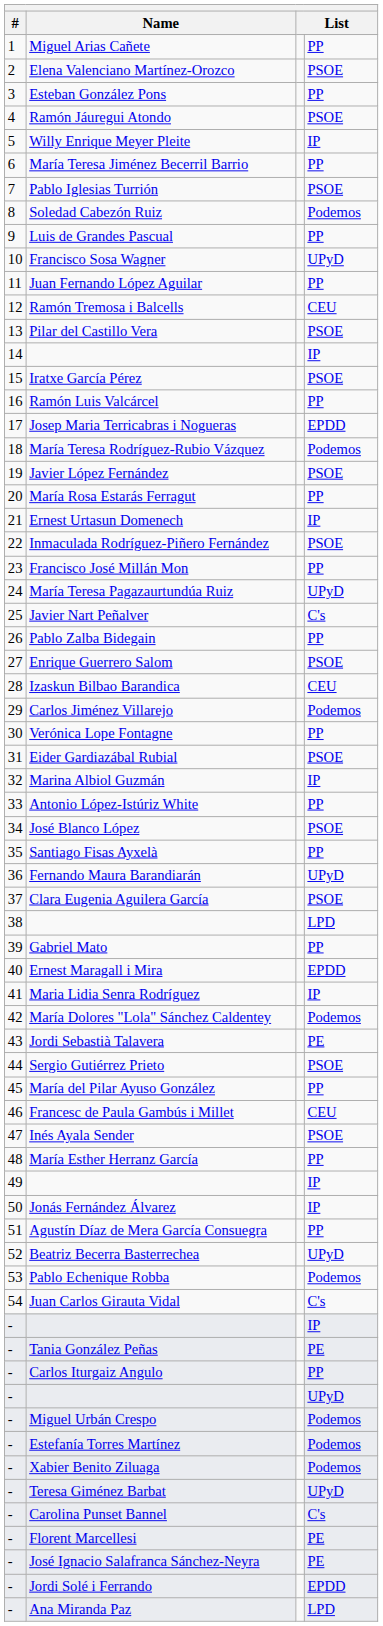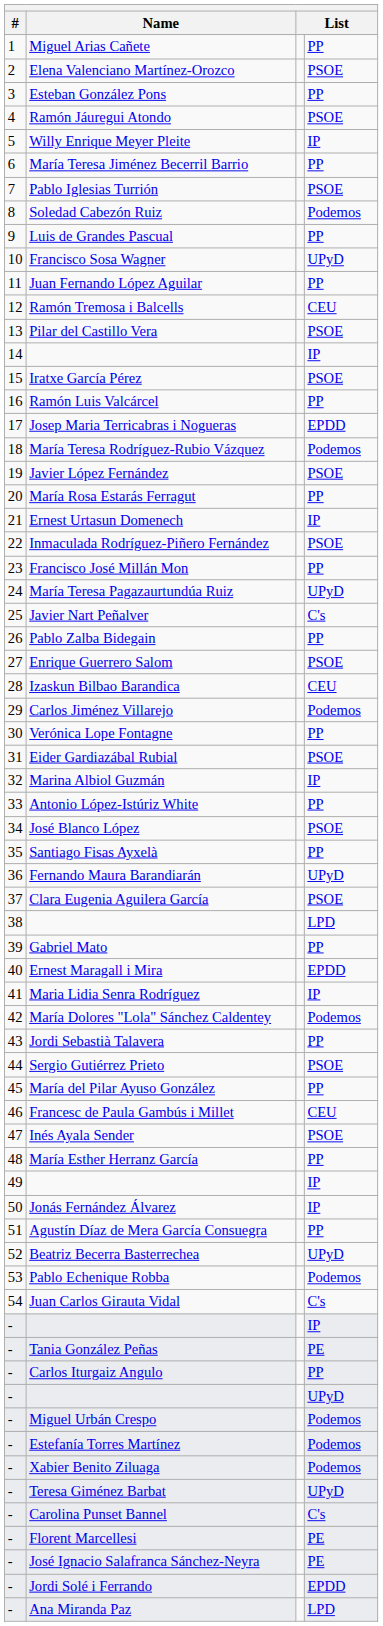 <table class="wikitable sortable collapsible" style="font-size:97%;">
 <tr>
 <th colspan="4"></th>
 </tr>
 <tr>
 <th width="10px">#</th>
 <th width="280px">Name</th>
 <th colspan="2" width="80px">List</th>
 </tr>
 <tr>
 <td>1</td>
 <td><a href='#'>Miguel Arias Cañete</a></td>
 <td></td>
 <td><a href='#'>PP</a></td>
 </tr>
 <tr>
 <td>2</td>
 <td><a href='#'>Elena Valenciano Martínez-Orozco</a></td>
 <td></td>
 <td><a href='#'>PSOE</a></td>
 </tr>
 <tr>
 <td>3</td>
 <td><a href='#'>Esteban González Pons</a></td>
 <td></td>
 <td><a href='#'>PP</a></td>
 </tr>
 <tr>
 <td>4</td>
 <td><a href='#'>Ramón Jáuregui Atondo</a></td>
 <td></td>
 <td><a href='#'>PSOE</a></td>
 </tr>
 <tr>
 <td>5</td>
 <td><a href='#'>Willy Enrique Meyer Pleite</a></td>
 <td></td>
 <td><a href='#'>IP</a></td>
 </tr>
 <tr>
 <td>6</td>
 <td><a href='#'>María Teresa Jiménez Becerril Barrio</a></td>
 <td></td>
 <td><a href='#'>PP</a></td>
 </tr>
 <tr>
 <td>7</td>
 <td><a href='#'>Pablo Iglesias Turrión</a></td>
 <td></td>
 <td><a href='#'>PSOE</a></td>
 </tr>
 <tr>
 <td>8</td>
 <td><a href='#'>Soledad Cabezón Ruiz</a></td>
 <td></td>
 <td><a href='#'>Podemos</a></td>
 </tr>
 <tr>
 <td>9</td>
 <td><a href='#'>Luis de Grandes Pascual</a></td>
 <td></td>
 <td><a href='#'>PP</a></td>
 </tr>
 <tr>
 <td>10</td>
 <td><a href='#'>Francisco Sosa Wagner</a></td>
 <td></td>
 <td><a href='#'>UPyD</a></td>
 </tr>
 <tr>
 <td>11</td>
 <td><a href='#'>Juan Fernando López Aguilar</a></td>
 <td></td>
 <td><a href='#'>PP</a></td>
 </tr>
 <tr>
 <td>12</td>
 <td><a href='#'>Ramón Tremosa i Balcells</a></td>
 <td></td>
 <td><a href='#'>CEU</a></td>
 </tr>
 <tr>
 <td>13</td>
 <td><a href='#'>Pilar del Castillo Vera</a></td>
 <td></td>
 <td><a href='#'>PSOE</a></td>
 </tr>
 <tr>
 <td>14</td>
 <td></td>
 <td></td>
 <td><a href='#'>IP</a></td>
 </tr>
 <tr>
 <td>15</td>
 <td><a href='#'>Iratxe García Pérez</a></td>
 <td></td>
 <td><a href='#'>PSOE</a></td>
 </tr>
 <tr>
 <td>16</td>
 <td><a href='#'>Ramón Luis Valcárcel</a></td>
 <td></td>
 <td><a href='#'>PP</a></td>
 </tr>
 <tr>
 <td>17</td>
 <td><a href='#'>Josep Maria Terricabras i Nogueras</a></td>
 <td></td>
 <td><a href='#'>EPDD</a></td>
 </tr>
 <tr>
 <td>18</td>
 <td><a href='#'>María Teresa Rodríguez-Rubio Vázquez</a></td>
 <td></td>
 <td><a href='#'>Podemos</a></td>
 </tr>
 <tr>
 <td>19</td>
 <td><a href='#'>Javier López Fernández</a></td>
 <td></td>
 <td><a href='#'>PSOE</a></td>
 </tr>
 <tr>
 <td>20</td>
 <td><a href='#'>María Rosa Estarás Ferragut</a></td>
 <td></td>
 <td><a href='#'>PP</a></td>
 </tr>
 <tr>
 <td>21</td>
 <td><a href='#'>Ernest Urtasun Domenech</a></td>
 <td></td>
 <td><a href='#'>IP</a></td>
 </tr>
 <tr>
 <td>22</td>
 <td><a href='#'>Inmaculada Rodríguez-Piñero Fernández</a></td>
 <td></td>
 <td><a href='#'>PSOE</a></td>
 </tr>
 <tr>
 <td>23</td>
 <td><a href='#'>Francisco José Millán Mon</a></td>
 <td></td>
 <td><a href='#'>PP</a></td>
 </tr>
 <tr>
 <td>24</td>
 <td><a href='#'>María Teresa Pagazaurtundúa Ruiz</a></td>
 <td></td>
 <td><a href='#'>UPyD</a></td>
 </tr>
 <tr>
 <td>25</td>
 <td><a href='#'>Javier Nart Peñalver</a></td>
 <td></td>
 <td><a href='#'>C's</a></td>
 </tr>
 <tr>
 <td>26</td>
 <td><a href='#'>Pablo Zalba Bidegain</a></td>
 <td></td>
 <td><a href='#'>PP</a></td>
 </tr>
 <tr>
 <td>27</td>
 <td><a href='#'>Enrique Guerrero Salom</a></td>
 <td></td>
 <td><a href='#'>PSOE</a></td>
 </tr>
 <tr>
 <td>28</td>
 <td><a href='#'>Izaskun Bilbao Barandica</a></td>
 <td></td>
 <td><a href='#'>CEU</a></td>
 </tr>
 <tr>
 <td>29</td>
 <td><a href='#'>Carlos Jiménez Villarejo</a></td>
 <td></td>
 <td><a href='#'>Podemos</a></td>
 </tr>
 <tr>
 <td>30</td>
 <td><a href='#'>Verónica Lope Fontagne</a></td>
 <td></td>
 <td><a href='#'>PP</a></td>
 </tr>
 <tr>
 <td>31</td>
 <td><a href='#'>Eider Gardiazábal Rubial</a></td>
 <td></td>
 <td><a href='#'>PSOE</a></td>
 </tr>
 <tr>
 <td>32</td>
 <td><a href='#'>Marina Albiol Guzmán</a></td>
 <td></td>
 <td><a href='#'>IP</a></td>
 </tr>
 <tr>
 <td>33</td>
 <td><a href='#'>Antonio López-Istúriz White</a></td>
 <td></td>
 <td><a href='#'>PP</a></td>
 </tr>
 <tr>
 <td>34</td>
 <td><a href='#'>José Blanco López</a></td>
 <td></td>
 <td><a href='#'>PSOE</a></td>
 </tr>
 <tr>
 <td>35</td>
 <td><a href='#'>Santiago Fisas Ayxelà</a></td>
 <td></td>
 <td><a href='#'>PP</a></td>
 </tr>
 <tr>
 <td>36</td>
 <td><a href='#'>Fernando Maura Barandiarán</a></td>
 <td></td>
 <td><a href='#'>UPyD</a></td>
 </tr>
 <tr>
 <td>37</td>
 <td><a href='#'>Clara Eugenia Aguilera García</a></td>
 <td></td>
 <td><a href='#'>PSOE</a></td>
 </tr>
 <tr>
 <td>38</td>
 <td></td>
 <td></td>
 <td><a href='#'>LPD</a></td>
 </tr>
 <tr>
 <td>39</td>
 <td><a href='#'>Gabriel Mato</a></td>
 <td></td>
 <td><a href='#'>PP</a></td>
 </tr>
 <tr>
 <td>40</td>
 <td><a href='#'>Ernest Maragall i Mira</a></td>
 <td></td>
 <td><a href='#'>EPDD</a></td>
 </tr>
 <tr>
 <td>41</td>
 <td><a href='#'>Maria Lidia Senra Rodríguez</a></td>
 <td></td>
 <td><a href='#'>IP</a></td>
 </tr>
 <tr>
 <td>42</td>
 <td><a href='#'>María Dolores "Lola" Sánchez Caldentey</a></td>
 <td></td>
 <td><a href='#'>Podemos</a></td>
 </tr>
 <tr>
 <td>43</td>
 <td><a href='#'>Jordi Sebastià Talavera</a></td>
 <td></td>
-<td><a href='#'>PE</a></td>
+<td><a href='#'>PP</a></td>
 </tr>
 <tr>
 <td>44</td>
 <td><a href='#'>Sergio Gutiérrez Prieto</a></td>
 <td></td>
 <td><a href='#'>PSOE</a></td>
 </tr>
 <tr>
 <td>45</td>
 <td><a href='#'>María del Pilar Ayuso González</a></td>
 <td></td>
 <td><a href='#'>PP</a></td>
 </tr>
 <tr>
 <td>46</td>
 <td><a href='#'>Francesc de Paula Gambús i Millet</a></td>
 <td></td>
 <td><a href='#'>CEU</a></td>
 </tr>
 <tr>
 <td>47</td>
 <td><a href='#'>Inés Ayala Sender</a></td>
 <td></td>
 <td><a href='#'>PSOE</a></td>
 </tr>
 <tr>
 <td>48</td>
 <td><a href='#'>María Esther Herranz García</a></td>
 <td></td>
 <td><a href='#'>PP</a></td>
 </tr>
 <tr>
 <td>49</td>
 <td></td>
 <td></td>
 <td><a href='#'>IP</a></td>
 </tr>
 <tr>
 <td>50</td>
 <td><a href='#'>Jonás Fernández Álvarez</a></td>
 <td></td>
 <td><a href='#'>IP</a></td>
 </tr>
 <tr>
 <td>51</td>
 <td><a href='#'>Agustín Díaz de Mera García Consuegra</a></td>
 <td></td>
 <td><a href='#'>PP</a></td>
 </tr>
 <tr>
 <td>52</td>
 <td><a href='#'>Beatriz Becerra Basterrechea</a></td>
 <td></td>
 <td><a href='#'>UPyD</a></td>
 </tr>
 <tr>
 <td>53</td>
 <td><a href='#'>Pablo Echenique Robba</a></td>
 <td></td>
 <td><a href='#'>Podemos</a></td>
 </tr>
 <tr>
 <td>54</td>
 <td><a href='#'>Juan Carlos Girauta Vidal</a></td>
 <td></td>
 <td><a href='#'>C's</a></td>
 </tr>
 <tr>
 <td bgcolor="#eaecf0">-</td>
 <td bgcolor="#eaecf0"></td>
 <td></td>
 <td bgcolor="#eaecf0"><a href='#'>IP</a></td>
 </tr>
 <tr>
 <td bgcolor="#eaecf0">-</td>
 <td bgcolor="#eaecf0"><a href='#'>Tania González Peñas</a></td>
 <td></td>
 <td bgcolor="#eaecf0"><a href='#'>PE</a></td>
 </tr>
 <tr>
 <td bgcolor="#eaecf0">-</td>
 <td bgcolor="#eaecf0"><a href='#'>Carlos Iturgaiz Angulo</a></td>
 <td></td>
 <td bgcolor="#eaecf0"><a href='#'>PP</a></td>
 </tr>
 <tr>
 <td bgcolor="#eaecf0">-</td>
 <td bgcolor="#eaecf0"></td>
 <td></td>
 <td bgcolor="#eaecf0"><a href='#'>UPyD</a></td>
 </tr>
 <tr>
 <td bgcolor="#eaecf0">-</td>
 <td bgcolor="#eaecf0"><a href='#'>Miguel Urbán Crespo</a></td>
 <td></td>
 <td bgcolor="#eaecf0"><a href='#'>Podemos</a></td>
 </tr>
 <tr>
 <td bgcolor="#eaecf0">-</td>
 <td bgcolor="#eaecf0"><a href='#'>Estefanía Torres Martínez</a></td>
 <td></td>
 <td bgcolor="#eaecf0"><a href='#'>Podemos</a></td>
 </tr>
 <tr>
 <td bgcolor="#eaecf0">-</td>
 <td bgcolor="#eaecf0"><a href='#'>Xabier Benito Ziluaga</a></td>
 <td></td>
 <td bgcolor="#eaecf0"><a href='#'>Podemos</a></td>
 </tr>
 <tr>
 <td bgcolor="#eaecf0">-</td>
 <td bgcolor="#eaecf0"><a href='#'>Teresa Giménez Barbat</a></td>
 <td></td>
 <td bgcolor="#eaecf0"><a href='#'>UPyD</a></td>
 </tr>
 <tr>
 <td bgcolor="#eaecf0">-</td>
 <td bgcolor="#eaecf0"><a href='#'>Carolina Punset Bannel</a></td>
 <td></td>
 <td bgcolor="#eaecf0"><a href='#'>C's</a></td>
 </tr>
 <tr>
 <td bgcolor="#eaecf0">-</td>
 <td bgcolor="#eaecf0"><a href='#'>Florent Marcellesi</a></td>
 <td></td>
 <td bgcolor="#eaecf0"><a href='#'>PE</a></td>
 </tr>
 <tr>
 <td bgcolor="#eaecf0">-</td>
 <td bgcolor="#eaecf0"><a href='#'>José Ignacio Salafranca Sánchez-Neyra</a></td>
 <td></td>
 <td bgcolor="#eaecf0"><a href='#'>PE</a></td>
 </tr>
 <tr>
 <td bgcolor="#eaecf0">-</td>
 <td bgcolor="#eaecf0"><a href='#'>Jordi Solé i Ferrando</a></td>
 <td></td>
 <td bgcolor="#eaecf0"><a href='#'>EPDD</a></td>
 </tr>
 <tr>
 <td bgcolor="#eaecf0">-</td>
 <td bgcolor="#eaecf0"><a href='#'>Ana Miranda Paz</a></td>
 <td></td>
 <td bgcolor="#eaecf0"><a href='#'>LPD</a></td>
 </tr>
 </table>
